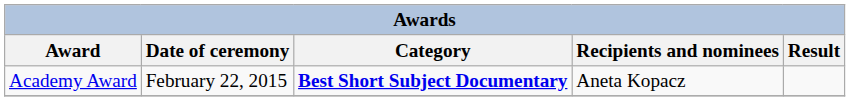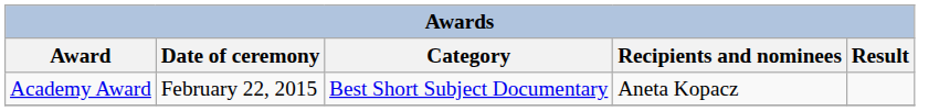 <table class="wikitable">
 <tr>
 <th colspan="5" style="background: LightSteelBlue;">Awards</th>
 </tr>
 <tr>
 <th>Award</th>
 <th>Date of ceremony</th>
 <th>Category</th>
 <th>Recipients and nominees</th>
 <th>Result</th>
 </tr>
 <tr>
 <td><a href='#'>Academy Award</a></td>
 <td>February 22, 2015</td>
-<td><strong><a href='#'>Best Short Subject Documentary</a></strong></td>
+<td><a href='#'>Best Short Subject Documentary</a></td>
 <td>Aneta Kopacz</td>
 <td></td>
 </tr>
 <tr>
 </tr>
 </table>
